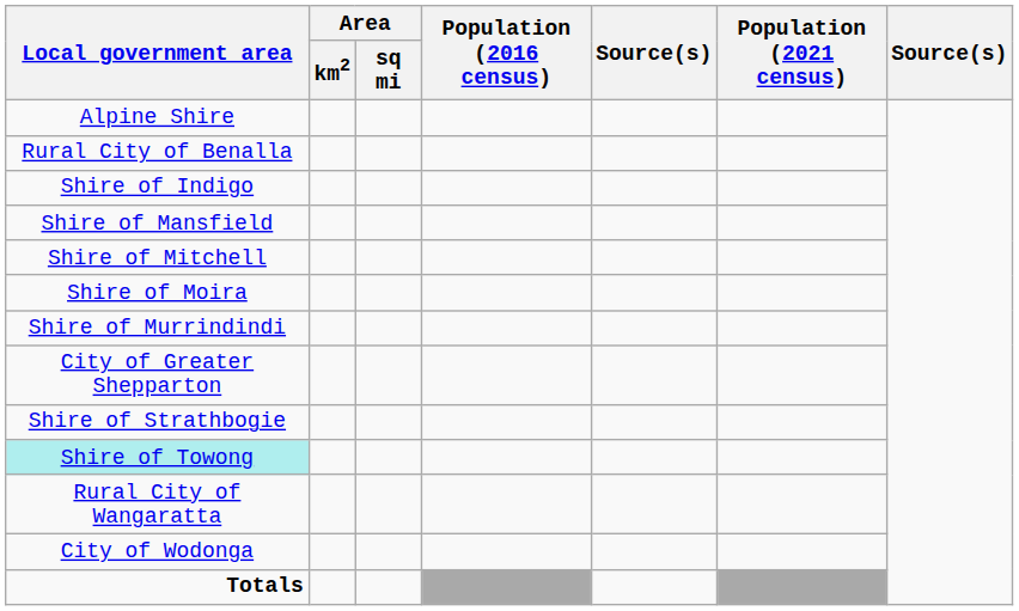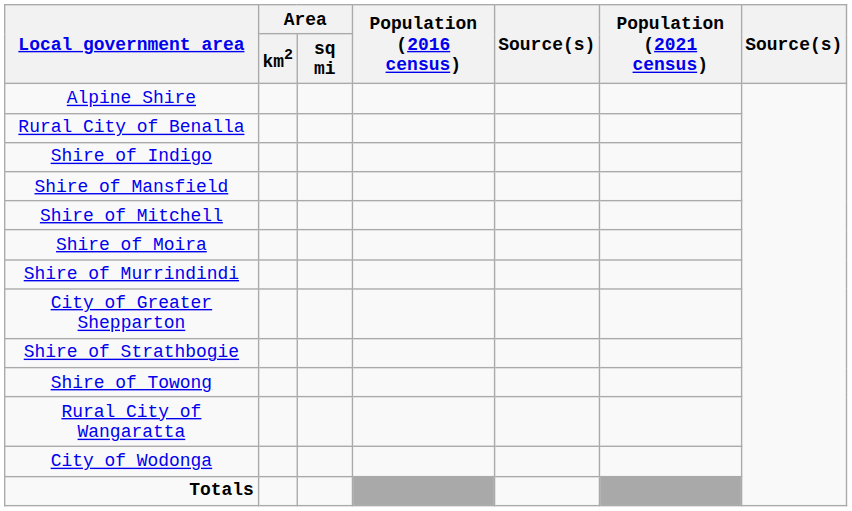 <table class="wikitable sortable plainrowheaders" style="text-align:center;">
 <tr>
 <th scope="col" rowspan="2"><a href='#'>Local government area</a></th>
 <th scope="col" colspan="2">Area</th>
 <th scope="col" rowspan="2">Population<br>(<a href='#'>2016 census</a>)</th>
 <th scope="col" rowspan="2">Source(s)</th>
 <th scope="col" rowspan="2">Population<br>(<a href='#'>2021 census</a>)</th>
 <th scope="col" rowspan="2">Source(s)</th>
 </tr>
 <tr>
 <th scope="col">km<sup>2</sup></th>
 <th scope="col">sq mi</th>
 </tr>
 <tr>
 <td scope="row"><a href='#'>Alpine Shire</a></td>
 <td></td>
 <td align="right"></td>
 <td></td>
 <td align="right"></td>
 <td></td>
 </tr>
 <tr>
 <td scope="row"><a href='#'>Rural City of Benalla</a></td>
 <td></td>
 <td align="right"></td>
 <td></td>
 <td align="right"></td>
 <td></td>
 </tr>
 <tr>
 <td scope="row"><a href='#'>Shire of Indigo</a></td>
 <td></td>
 <td align="right"></td>
 <td></td>
 <td align="right"></td>
 <td></td>
 </tr>
 <tr>
 <td scope="row"><a href='#'>Shire of Mansfield</a></td>
 <td></td>
 <td align="right"></td>
 <td></td>
 <td align="right"></td>
 <td></td>
 </tr>
 <tr>
 <td scope="row"><a href='#'>Shire of Mitchell</a></td>
 <td></td>
 <td align="right"></td>
 <td></td>
 <td align="right"></td>
 <td></td>
 </tr>
 <tr>
 <td scope="row"><a href='#'>Shire of Moira</a></td>
 <td></td>
 <td align="right"></td>
 <td></td>
 <td align="right"></td>
 <td></td>
 </tr>
 <tr>
 <td scope="row"><a href='#'>Shire of Murrindindi</a></td>
 <td></td>
 <td align="right"></td>
 <td></td>
 <td align="right"></td>
 <td></td>
 </tr>
 <tr>
 <td scope="row"><a href='#'>City of Greater Shepparton</a></td>
 <td></td>
 <td align="right"></td>
 <td></td>
 <td align="right"></td>
 <td></td>
 </tr>
 <tr>
 <td scope="row"><a href='#'>Shire of Strathbogie</a></td>
 <td></td>
 <td align="right"></td>
 <td></td>
 <td align="right"></td>
 <td></td>
 </tr>
 <tr>
-<td scope="row" style="background: paleturquoise;"><a href='#'>Shire of Towong</a></td>
+<td scope="row"><a href='#'>Shire of Towong</a></td>
 <td></td>
 <td align="right"></td>
 <td></td>
 <td align="right"></td>
 <td></td>
 </tr>
 <tr>
 <td scope="row"><a href='#'>Rural City of Wangaratta</a></td>
 <td></td>
 <td align="right"></td>
 <td></td>
 <td align="right"></td>
 <td></td>
 </tr>
 <tr>
 <td scope="row"><a href='#'>City of Wodonga</a></td>
 <td></td>
 <td align="right"></td>
 <td></td>
 <td align="right"></td>
 <td></td>
 </tr>
 <tr style="font-weight:bold;">
 <td scope="row" align="right">Totals</td>
 <td></td>
 <td align="right"></td>
 <td style="background:darkgrey;"></td>
 <td align="right"></td>
 <td style="background:darkgrey;"></td>
 </tr>
 </table>
